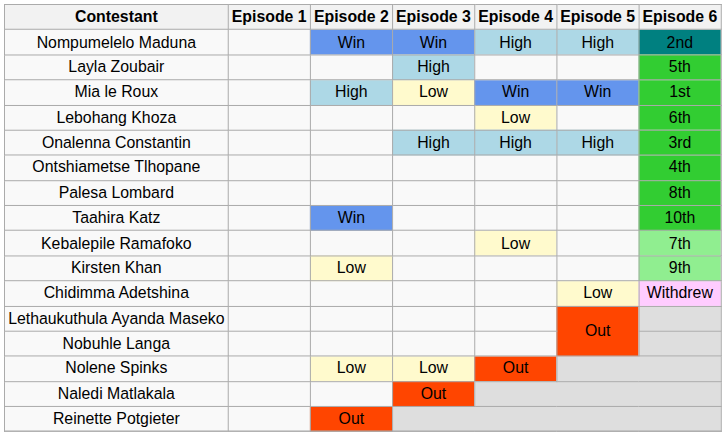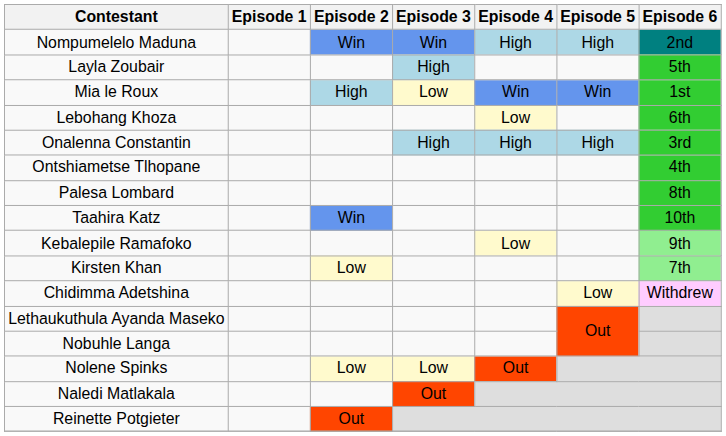 <table class="wikitable" style="text-align:center">
 <tr>
 <th scope="col">Contestant</th>
 <th scope="col">Episode 1</th>
 <th scope="col">Episode 2</th>
 <th scope="col">Episode 3</th>
 <th scope="col">Episode 4</th>
 <th scope="col">Episode 5</th>
 <th scope="col">Episode 6</th>
 </tr>
 <tr>
 <td>Nompumelelo Maduna</td>
 <td></td>
 <td style="background:cornflowerblue">Win</td>
 <td style="background:cornflowerblue">Win</td>
 <td style="background:lightblue">High</td>
 <td style="background:lightblue">High</td>
 <td style="background:teal">2nd</td>
 </tr>
 <tr>
 <td>Layla Zoubair</td>
 <td></td>
 <td></td>
 <td style="background:lightblue">High</td>
 <td></td>
 <td></td>
 <td style="background:LimeGreen">5th</td>
 </tr>
 <tr>
 <td>Mia le Roux</td>
 <td></td>
 <td style="background:lightblue">High</td>
 <td style="background:lemonchiffon">Low</td>
 <td style="background:cornflowerblue">Win</td>
 <td style="background:cornflowerblue">Win</td>
 <td style="background:LimeGreen">1st</td>
 </tr>
 <tr>
 <td>Lebohang Khoza</td>
 <td></td>
 <td></td>
 <td></td>
 <td style="background:lemonchiffon">Low</td>
 <td></td>
 <td style="background:LimeGreen">6th</td>
 </tr>
 <tr>
 <td>Onalenna Constantin</td>
 <td></td>
 <td></td>
 <td style="background:lightblue">High</td>
 <td style="background:lightblue">High</td>
 <td style="background:lightblue">High</td>
 <td style="background:LimeGreen">3rd</td>
 </tr>
 <tr>
 <td>Ontshiametse Tlhopane</td>
 <td></td>
 <td></td>
 <td></td>
 <td></td>
 <td></td>
 <td style="background:LimeGreen">4th</td>
 </tr>
 <tr>
 <td>Palesa Lombard</td>
 <td></td>
 <td></td>
 <td></td>
 <td></td>
 <td></td>
 <td style="background:LimeGreen">8th</td>
 </tr>
 <tr>
 <td>Taahira Katz</td>
 <td></td>
 <td style="background:cornflowerblue">Win</td>
 <td></td>
 <td></td>
 <td></td>
 <td style="background:LimeGreen">10th</td>
 </tr>
 <tr>
 <td>Kebalepile Ramafoko</td>
 <td></td>
 <td></td>
 <td></td>
 <td style="background:lemonchiffon">Low</td>
 <td></td>
-<td style="background:lightgreen">7th</td>
+<td style="background:lightgreen">9th</td>
 </tr>
 <tr>
 <td>Kirsten Khan</td>
 <td></td>
 <td style="background:lemonchiffon">Low</td>
 <td></td>
 <td></td>
 <td></td>
-<td style="background:lightgreen">9th</td>
+<td style="background:lightgreen">7th</td>
 </tr>
 <tr>
 <td>Chidimma Adetshina</td>
 <td></td>
 <td></td>
 <td></td>
 <td></td>
 <td style="background:lemonchiffon">Low</td>
 <td style="background:#FCF">Withdrew</td>
 </tr>
 <tr>
 <td>Lethaukuthula Ayanda Maseko</td>
 <td></td>
 <td></td>
 <td></td>
 <td></td>
 <td style="background:OrangeRed" rowspan=2>Out</td>
 <td colspan=3 style="background:#dedede"></td>
 </tr>
 <tr>
 <td>Nobuhle Langa</td>
 <td></td>
 <td></td>
 <td></td>
 <td></td>
 <td colspan=3 style="background:#dedede"></td>
 </tr>
 <tr>
 <td>Nolene Spinks</td>
 <td></td>
 <td style="background:lemonchiffon">Low</td>
 <td style="background:lemonchiffon">Low</td>
 <td style="background:OrangeRed">Out</td>
 <td colspan=4 style="background:#dedede"></td>
 </tr>
 <tr>
 <td>Naledi Matlakala</td>
 <td></td>
 <td></td>
 <td style="background:OrangeRed">Out</td>
 <td colspan=5 style="background:#dedede"></td>
 </tr>
 <tr>
 <td>Reinette Potgieter</td>
 <td></td>
 <td style="background:OrangeRed">Out</td>
 <td colspan=6 style="background:#dedede"></td>
 </tr>
 <tr>
 </tr>
 </table>
